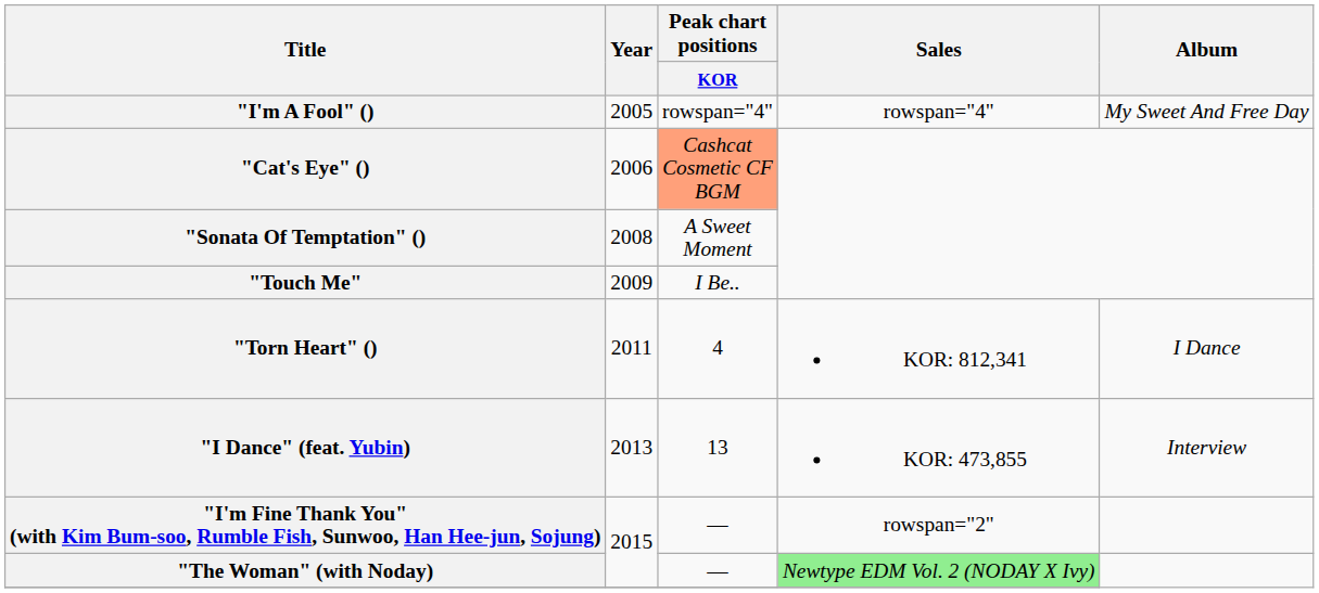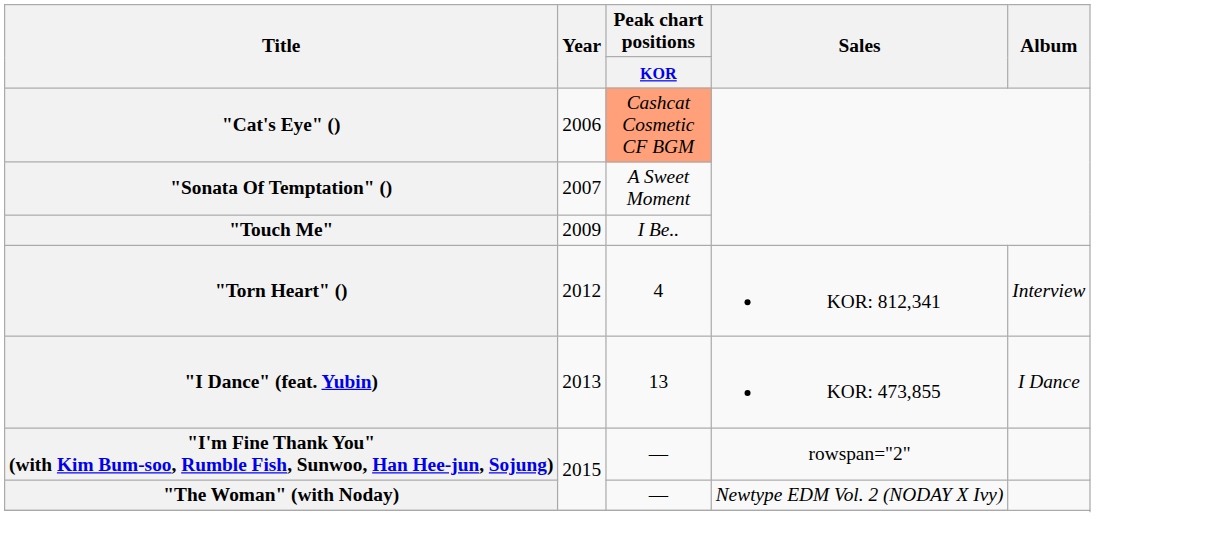 <table class="wikitable plainrowheaders" style="text-align:center;">
 <tr>
 <th scope="col" rowspan="2">Title</th>
 <th scope="col" rowspan="2">Year</th>
 <th scope="col" colspan="1" style="width:5em;">Peak chart positions</th>
 <th scope="col" rowspan="2">Sales</th>
 <th scope="col" rowspan="2">Album</th>
 </tr>
 <tr>
 <th><small><a href='#'>KOR</a></small><br></th>
 </tr>
 <tr>
-<th scope="row">"I'm A Fool" ()</th>
-<td>2005</td>
-<td>rowspan="4" </td>
-<td>rowspan="4" </td>
-<td><em>My Sweet And Free Day</em></td>
-</tr>
-<tr>
 <th scope="row">"Cat's Eye" ()</th>
 <td>2006</td>
 <td style="background: lightsalmon;"><em>Cashcat Cosmetic CF BGM</em></td>
 </tr>
 <tr>
 <th scope="row">"Sonata Of Temptation" ()</th>
-<td rowspan="1">2008</td>
+<td rowspan="1">2007</td>
 <td><em>A Sweet Moment</em></td>
 </tr>
 <tr>
 <th scope="row">"Touch Me"</th>
 <td rowspan="1">2009</td>
 <td><em>I Be..</em></td>
 </tr>
 <tr>
 <th scope="row">"Torn Heart" ()</th>
-<td rowspan="1">2011</td>
+<td rowspan="1">2012</td>
 <td>4</td>
 <td><br><ul><li>KOR: 812,341</li></ul></td>
-<td><em>I Dance</em></td>
+<td><em>Interview</em></td>
 </tr>
 <tr>
 <th scope="row">"I Dance" (feat. <a href='#'>Yubin</a>)</th>
 <td rowspan="1">2013</td>
 <td>13</td>
 <td><br><ul><li>KOR: 473,855</li></ul></td>
-<td><em>Interview</em></td>
+<td><em>I Dance</em></td>
 </tr>
 <tr>
 <th scope="row">"I'm Fine Thank You" <br>(with <a href='#'>Kim Bum-soo</a>, <a href='#'>Rumble Fish</a>, Sunwoo, <a href='#'>Han Hee-jun</a>, <a href='#'>Sojung</a>)</th>
 <td rowspan="2">2015</td>
 <td>—</td>
 <td>rowspan="2" </td>
 <td></td>
 </tr>
 <tr>
 <th scope="row">"The Woman" (with Noday)</th>
 <td>—</td>
-<td style="background: lightgreen;"><em>Newtype EDM Vol. 2 (NODAY X Ivy)</em></td>
+<td><em>Newtype EDM Vol. 2 (NODAY X Ivy)</em></td>
 </tr>
 <tr>
 </tr>
 </table>
